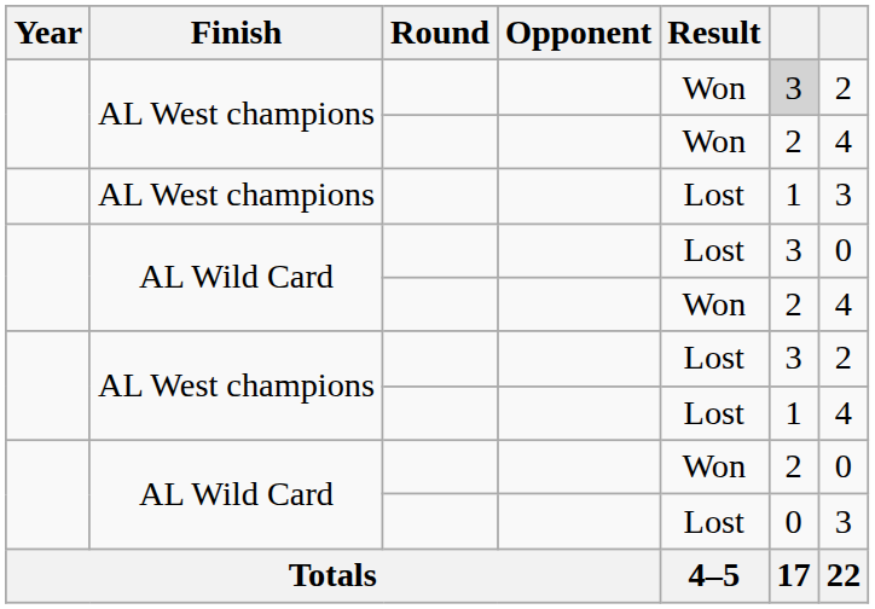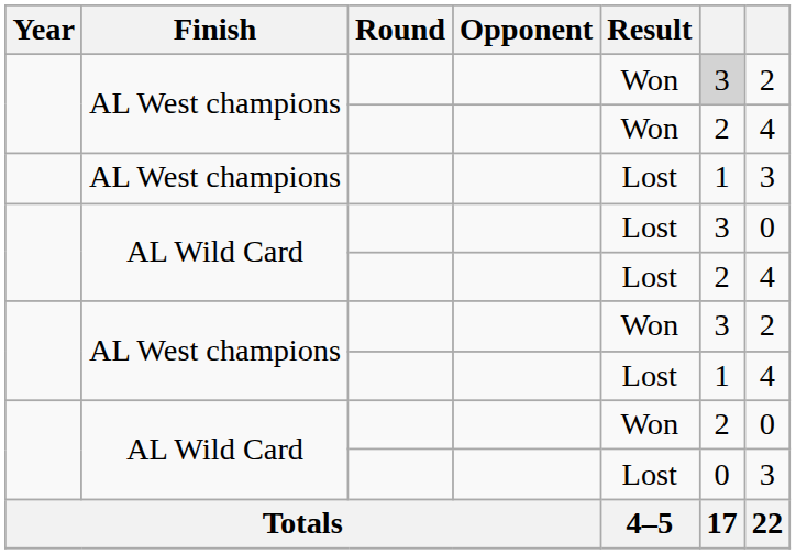 <table class="wikitable sortable plainrowheaders" style="text-align:center">
 <tr>
 <th scope="col">Year</th>
 <th scope="col">Finish</th>
 <th scope="col">Round</th>
 <th scope="col">Opponent</th>
 <th scope="col">Result</th>
 <th scope="col"></th>
 <th scope="col"></th>
 </tr>
 <tr>
 <td rowspan="2"></td>
 <td rowspan="2">AL West champions</td>
 <td></td>
 <td></td>
 <td>Won</td>
 <td style="background: lightgrey;">3</td>
 <td>2</td>
 </tr>
 <tr>
 <td></td>
 <td></td>
 <td>Won</td>
 <td>2</td>
 <td>4</td>
 </tr>
 <tr>
 <td></td>
 <td>AL West champions</td>
 <td></td>
 <td></td>
 <td>Lost</td>
 <td>1</td>
 <td>3</td>
 </tr>
 <tr>
 <td rowspan="2"></td>
 <td rowspan="2">AL Wild Card</td>
 <td></td>
 <td></td>
 <td>Lost</td>
 <td>3</td>
 <td>0</td>
 </tr>
 <tr>
 <td></td>
 <td></td>
-<td>Won</td>
+<td>Lost</td>
 <td>2</td>
 <td>4</td>
 </tr>
 <tr>
 <td rowspan="2"></td>
 <td rowspan="2">AL West champions</td>
 <td></td>
 <td></td>
-<td>Lost</td>
+<td>Won</td>
 <td>3</td>
 <td>2</td>
 </tr>
 <tr>
 <td></td>
 <td></td>
 <td>Lost</td>
 <td>1</td>
 <td>4</td>
 </tr>
 <tr>
 <td rowspan="2"></td>
 <td rowspan="2">AL Wild Card</td>
 <td></td>
 <td></td>
 <td>Won</td>
 <td>2</td>
 <td>0</td>
 </tr>
 <tr>
 <td></td>
 <td></td>
 <td>Lost</td>
 <td>0</td>
 <td>3</td>
 </tr>
 <tr>
 <th colspan="4" style="text-align:center; ">Totals</th>
 <th style="text-align:center; ">4–5</th>
 <th style="text-align:center; ">17</th>
 <th style="text-align:center; ">22</th>
 </tr>
 </table>
